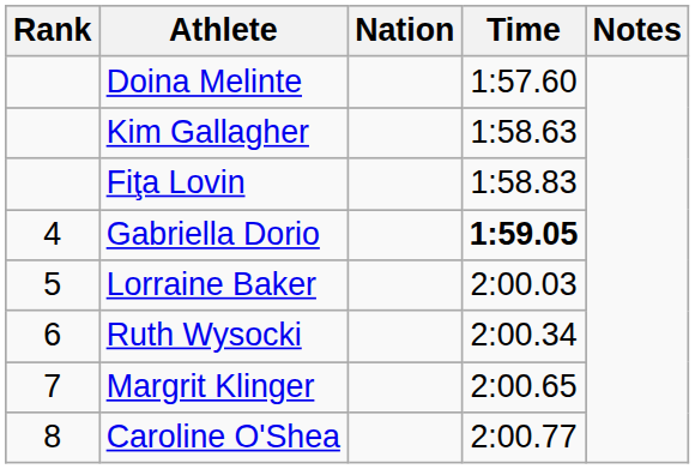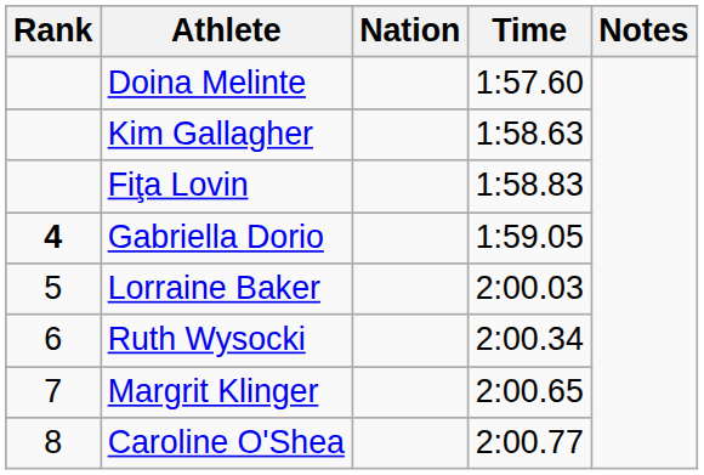 <table class="wikitable sortable" style="text-align:center">
 <tr>
 <th>Rank</th>
 <th>Athlete</th>
 <th>Nation</th>
 <th>Time</th>
 <th>Notes</th>
 </tr>
 <tr>
 <td align="center"></td>
 <td align=left><a href='#'>Doina Melinte</a></td>
 <td align=left></td>
 <td>1:57.60</td>
 </tr>
 <tr>
 <td align="center"></td>
 <td align=left><a href='#'>Kim Gallagher</a></td>
 <td align=left></td>
 <td>1:58.63</td>
 </tr>
 <tr>
 <td align="center"></td>
 <td align=left><a href='#'>Fiţa Lovin</a></td>
 <td align=left></td>
 <td>1:58.83</td>
 </tr>
 <tr>
-<td>4</td>
+<td><strong>4</strong></td>
 <td align=left><a href='#'>Gabriella Dorio</a></td>
 <td align=left></td>
-<td><strong>1:59.05</strong></td>
+<td>1:59.05</td>
 </tr>
 <tr>
 <td>5</td>
 <td align=left><a href='#'>Lorraine Baker</a></td>
 <td align=left></td>
 <td>2:00.03</td>
 </tr>
 <tr>
 <td>6</td>
 <td align=left><a href='#'>Ruth Wysocki</a></td>
 <td align=left></td>
 <td>2:00.34</td>
 </tr>
 <tr>
 <td>7</td>
 <td align=left><a href='#'>Margrit Klinger</a></td>
 <td align=left></td>
 <td>2:00.65</td>
 </tr>
 <tr>
 <td>8</td>
 <td align=left><a href='#'>Caroline O'Shea</a></td>
 <td align=left></td>
 <td>2:00.77</td>
 </tr>
 </table>
